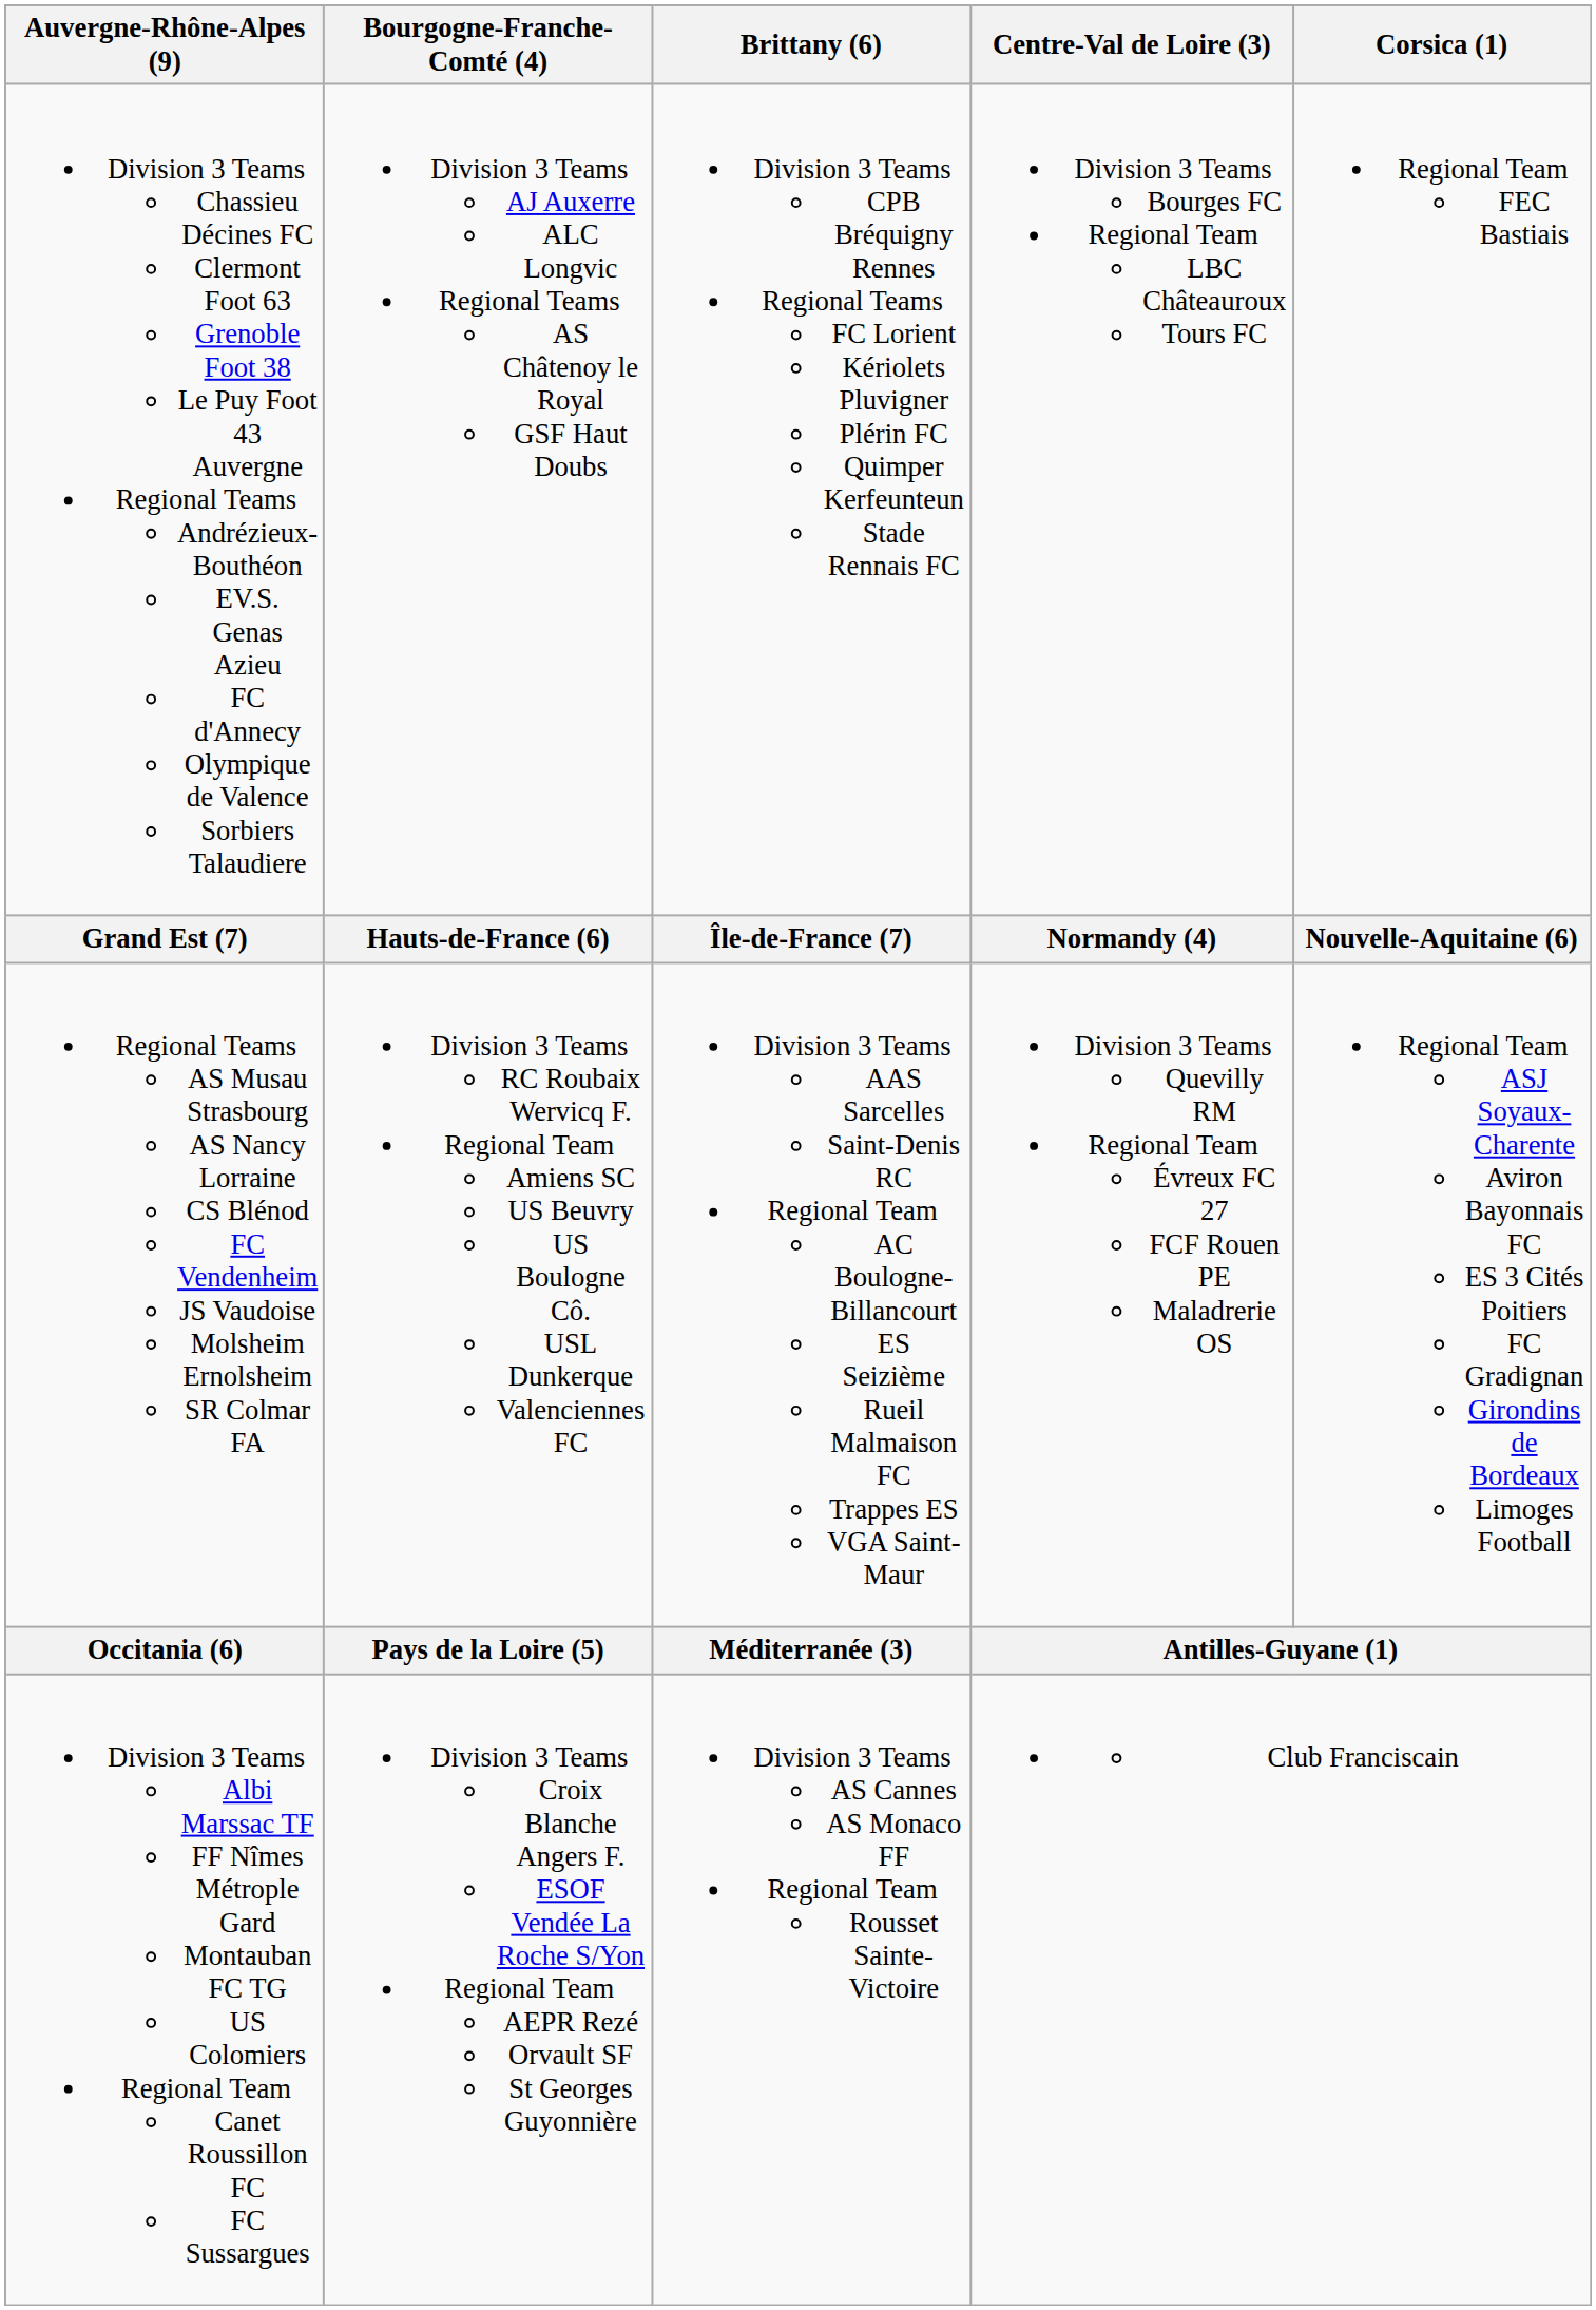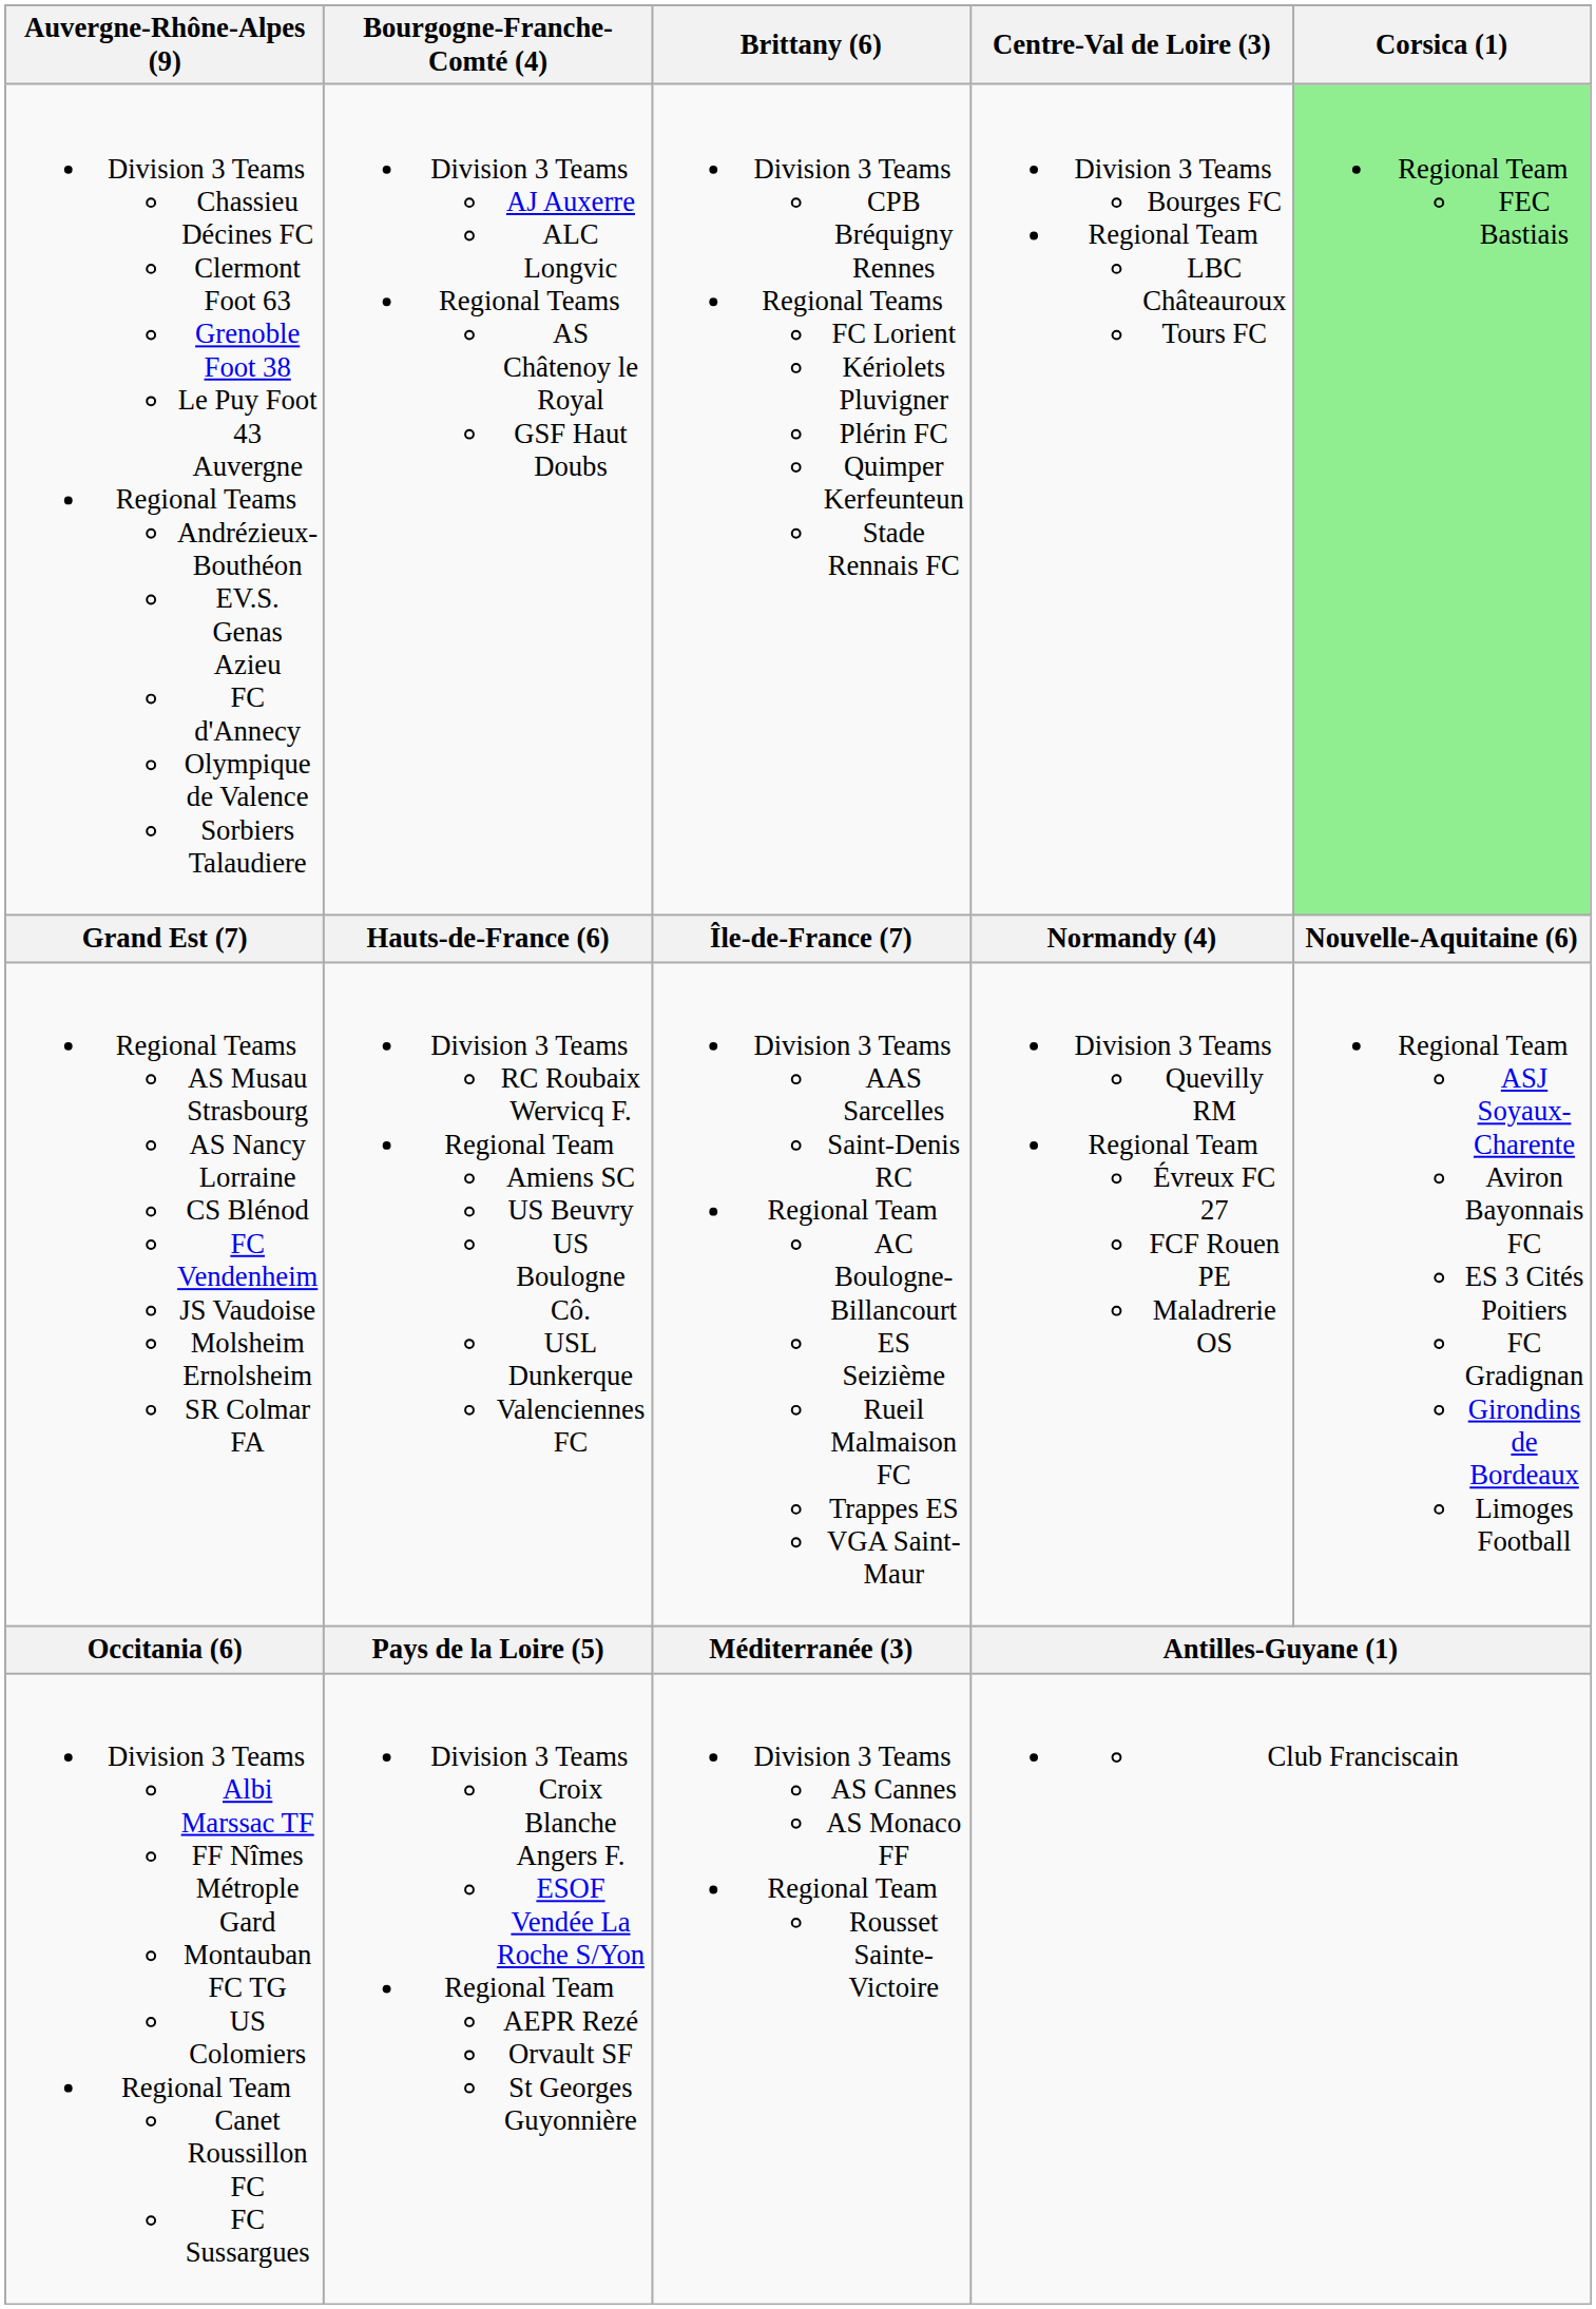 <table class="wikitable" style="text-align:center; font-size:85%">
 <tr>
 <th> Auvergne-Rhône-Alpes (9)</th>
 <th> Bourgogne-Franche-Comté (4)</th>
 <th> Brittany (6)</th>
 <th> Centre-Val de Loire (3)</th>
 <th> Corsica (1)</th>
 </tr>
 <tr>
 <td valign=top><br><ul><li>Division 3 Teams<ul><li>Chassieu Décines FC</li><li>Clermont Foot 63</li><li><a href='#'>Grenoble Foot 38</a></li><li>Le Puy Foot 43 Auvergne</li></ul></li><li>Regional Teams<ul><li>Andrézieux-Bouthéon</li><li>EV.S. Genas Azieu</li><li>FC d'Annecy</li><li>Olympique de Valence</li><li>Sorbiers Talaudiere</li></ul></li></ul></td>
 <td valign=top><br><ul><li>Division 3 Teams<ul><li><a href='#'>AJ Auxerre</a></li><li>ALC Longvic</li></ul></li><li>Regional Teams<ul><li>AS Châtenoy le Royal</li><li>GSF Haut Doubs</li></ul></li></ul></td>
 <td valign=top><br><ul><li>Division 3 Teams<ul><li>CPB Bréquigny Rennes</li></ul></li><li>Regional Teams<ul><li>FC Lorient</li><li>Kériolets Pluvigner</li><li>Plérin FC</li><li>Quimper Kerfeunteun</li><li>Stade Rennais FC</li></ul></li></ul></td>
 <td valign=top><br><ul><li>Division 3 Teams<ul><li>Bourges FC</li></ul></li><li>Regional Team<ul><li>LBC Châteauroux</li><li>Tours FC</li></ul></li></ul></td>
-<td valign=top><br><ul><li>Regional Team<ul><li>FEC Bastiais</li></ul></li></ul></td>
+<td valign=top style="background: lightgreen;"><br><ul><li>Regional Team<ul><li>FEC Bastiais</li></ul></li></ul></td>
 </tr>
 <tr>
 <th> Grand Est (7)</th>
 <th> Hauts-de-France (6)</th>
 <th> Île-de-France (7)</th>
 <th> Normandy (4)</th>
 <th> Nouvelle-Aquitaine (6)</th>
 </tr>
 <tr>
 <td valign=top><br><ul><li>Regional Teams<ul><li>AS Musau Strasbourg</li><li>AS Nancy Lorraine</li><li>CS Blénod</li><li><a href='#'>FC Vendenheim</a></li><li>JS Vaudoise</li><li>Molsheim Ernolsheim</li><li>SR Colmar FA</li></ul></li></ul></td>
 <td valign=top><br><ul><li>Division 3 Teams<ul><li>RC Roubaix Wervicq F.</li></ul></li><li>Regional Team<ul><li>Amiens SC</li><li>US Beuvry</li><li>US Boulogne Cô.</li><li>USL Dunkerque</li><li>Valenciennes FC</li></ul></li></ul></td>
 <td valign=top><br><ul><li>Division 3 Teams<ul><li>AAS Sarcelles</li><li>Saint-Denis RC</li></ul></li><li>Regional Team<ul><li>AC Boulogne-Billancourt</li><li>ES Seizième</li><li>Rueil Malmaison FC</li><li>Trappes ES</li><li>VGA Saint-Maur</li></ul></li></ul></td>
 <td valign=top><br><ul><li>Division 3 Teams<ul><li>Quevilly RM</li></ul></li><li>Regional Team<ul><li>Évreux FC 27</li><li>FCF Rouen PE</li><li>Maladrerie OS</li></ul></li></ul></td>
 <td valign=top><br><ul><li>Regional Team<ul><li><a href='#'>ASJ Soyaux-Charente</a></li><li>Aviron Bayonnais FC</li><li>ES 3 Cités Poitiers</li><li>FC Gradignan</li><li><a href='#'>Girondins de Bordeaux</a></li><li>Limoges Football</li></ul></li></ul></td>
 </tr>
 <tr>
 <th> Occitania (6)</th>
 <th> Pays de la Loire (5)</th>
 <th> Méditerranée (3)</th>
 <th colspan=2> Antilles-Guyane (1)</th>
 </tr>
 <tr>
 <td valign=top><br><ul><li>Division 3 Teams<ul><li><a href='#'>Albi Marssac TF</a></li><li>FF Nîmes Métrople Gard</li><li>Montauban FC TG</li><li>US Colomiers</li></ul></li><li>Regional Team<ul><li>Canet Roussillon FC</li><li>FC Sussargues</li></ul></li></ul></td>
 <td valign=top><br><ul><li>Division 3 Teams<ul><li>Croix Blanche Angers F.</li><li><a href='#'>ESOF Vendée La Roche S/Yon</a></li></ul></li><li>Regional Team<ul><li>AEPR Rezé</li><li>Orvault SF</li><li>St Georges Guyonnière</li></ul></li></ul></td>
 <td valign=top><br><ul><li>Division 3 Teams<ul><li>AS Cannes</li><li> AS Monaco FF</li></ul></li><li>Regional Team<ul><li>Rousset Sainte-Victoire</li></ul></li></ul></td>
 <td valign=top colspan=2><br><ul><li><ul><li>Club Franciscain</li></ul></li></ul></td>
 </tr>
 </table>
